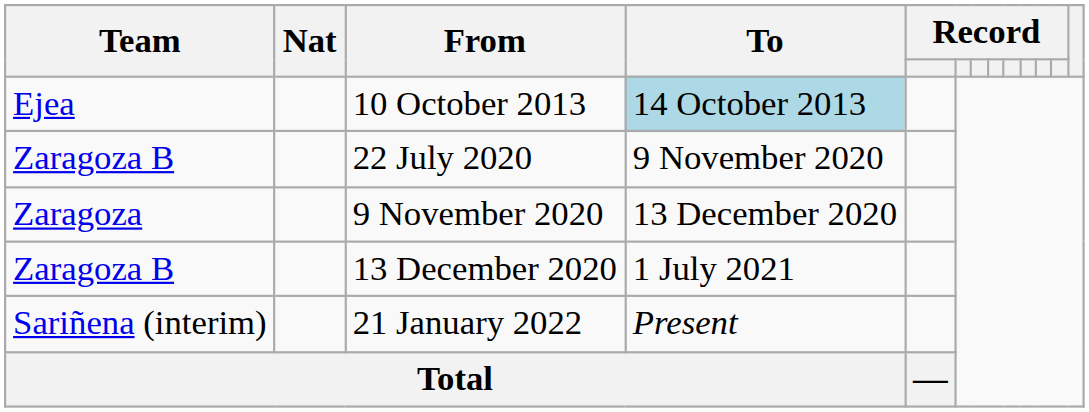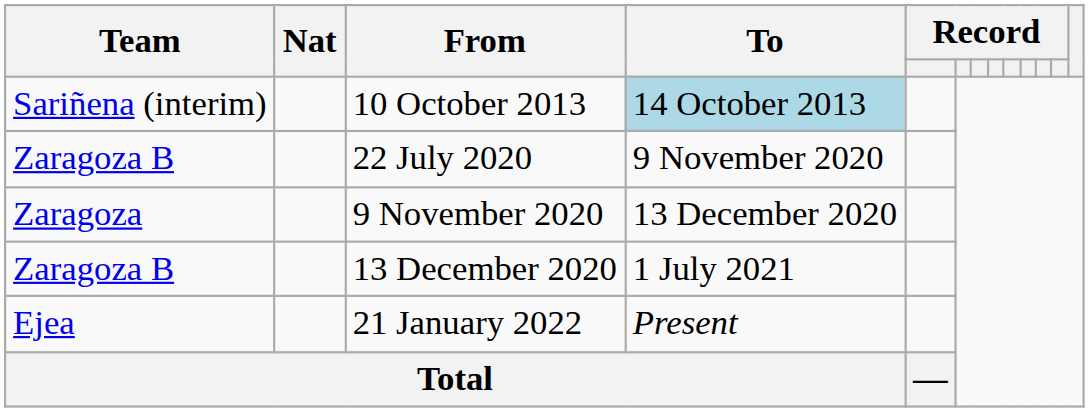 <table class="wikitable" style="text-align: center">
 <tr>
 <th rowspan="2">Team</th>
 <th rowspan="2">Nat</th>
 <th rowspan="2">From</th>
 <th rowspan="2">To</th>
 <th colspan="8">Record</th>
 <th rowspan=2></th>
 </tr>
 <tr>
 <th></th>
 <th></th>
 <th></th>
 <th></th>
 <th></th>
 <th></th>
 <th></th>
 <th></th>
 </tr>
 <tr>
-<td align=left><a href='#'>Ejea</a></td>
+<td align=left><a href='#'>Sariñena</a> (interim)</td>
 <td></td>
 <td align=left>10 October 2013</td>
 <td align=left style="background: lightblue;">14 October 2013<br></td>
 <td></td>
 </tr>
 <tr>
 <td align=left><a href='#'>Zaragoza B</a></td>
 <td></td>
 <td align=left>22 July 2020</td>
 <td align=left>9 November 2020<br></td>
 <td></td>
 </tr>
 <tr>
 <td align=left><a href='#'>Zaragoza</a></td>
 <td></td>
 <td align=left>9 November 2020</td>
 <td align=left>13 December 2020<br></td>
 <td></td>
 </tr>
 <tr>
 <td align=left><a href='#'>Zaragoza B</a></td>
 <td></td>
 <td align=left>13 December 2020</td>
 <td align=left>1 July 2021<br></td>
 <td></td>
 </tr>
 <tr>
-<td align=left><a href='#'>Sariñena</a> (interim)</td>
+<td align=left><a href='#'>Ejea</a></td>
 <td></td>
 <td align=left>21 January 2022</td>
 <td align=left><em>Present</em><br></td>
 <td></td>
 </tr>
 <tr>
 <th colspan="4">Total<br></th>
 <th>—</th>
 </tr>
 </table>
